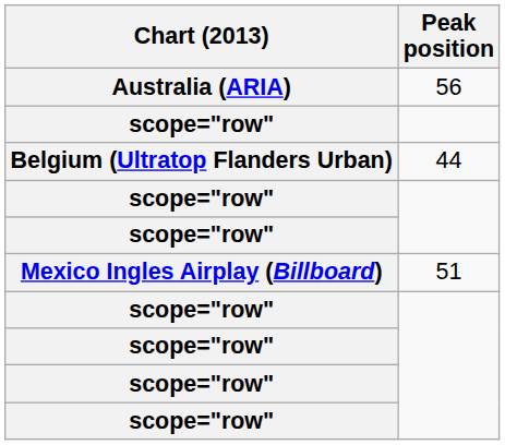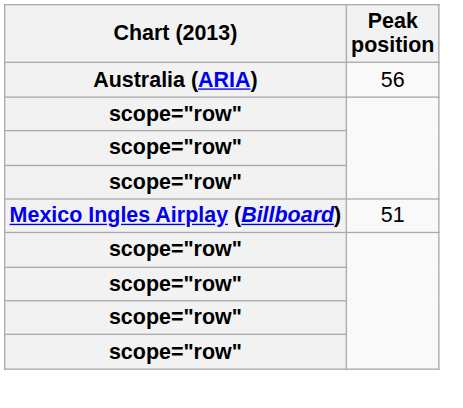 <table class="wikitable sortable plainrowheaders" style="text-align:center;">
 <tr>
 <th>Chart (2013)</th>
 <th>Peak<br>position</th>
 </tr>
 <tr>
 <th scope="row">Australia (<a href='#'>ARIA</a>)</th>
 <td>56</td>
 </tr>
 <tr>
 <th>scope="row" </th>
-</tr>
-<tr>
-<th scope="row">Belgium (<a href='#'>Ultratop</a> Flanders Urban)</th>
-<td>44</td>
 </tr>
 <tr>
 <th>scope="row" </th>
 </tr>
 <tr>
 <th>scope="row" </th>
 </tr>
 <tr>
 <th scope="row"><a href='#'>Mexico Ingles Airplay</a> (<em><a href='#'>Billboard</a></em>)</th>
 <td>51</td>
 </tr>
 <tr>
 <th>scope="row" </th>
 </tr>
 <tr>
 <th>scope="row" </th>
 </tr>
 <tr>
 <th>scope="row" </th>
 </tr>
 <tr>
 <th>scope="row" </th>
 </tr>
 </table>
